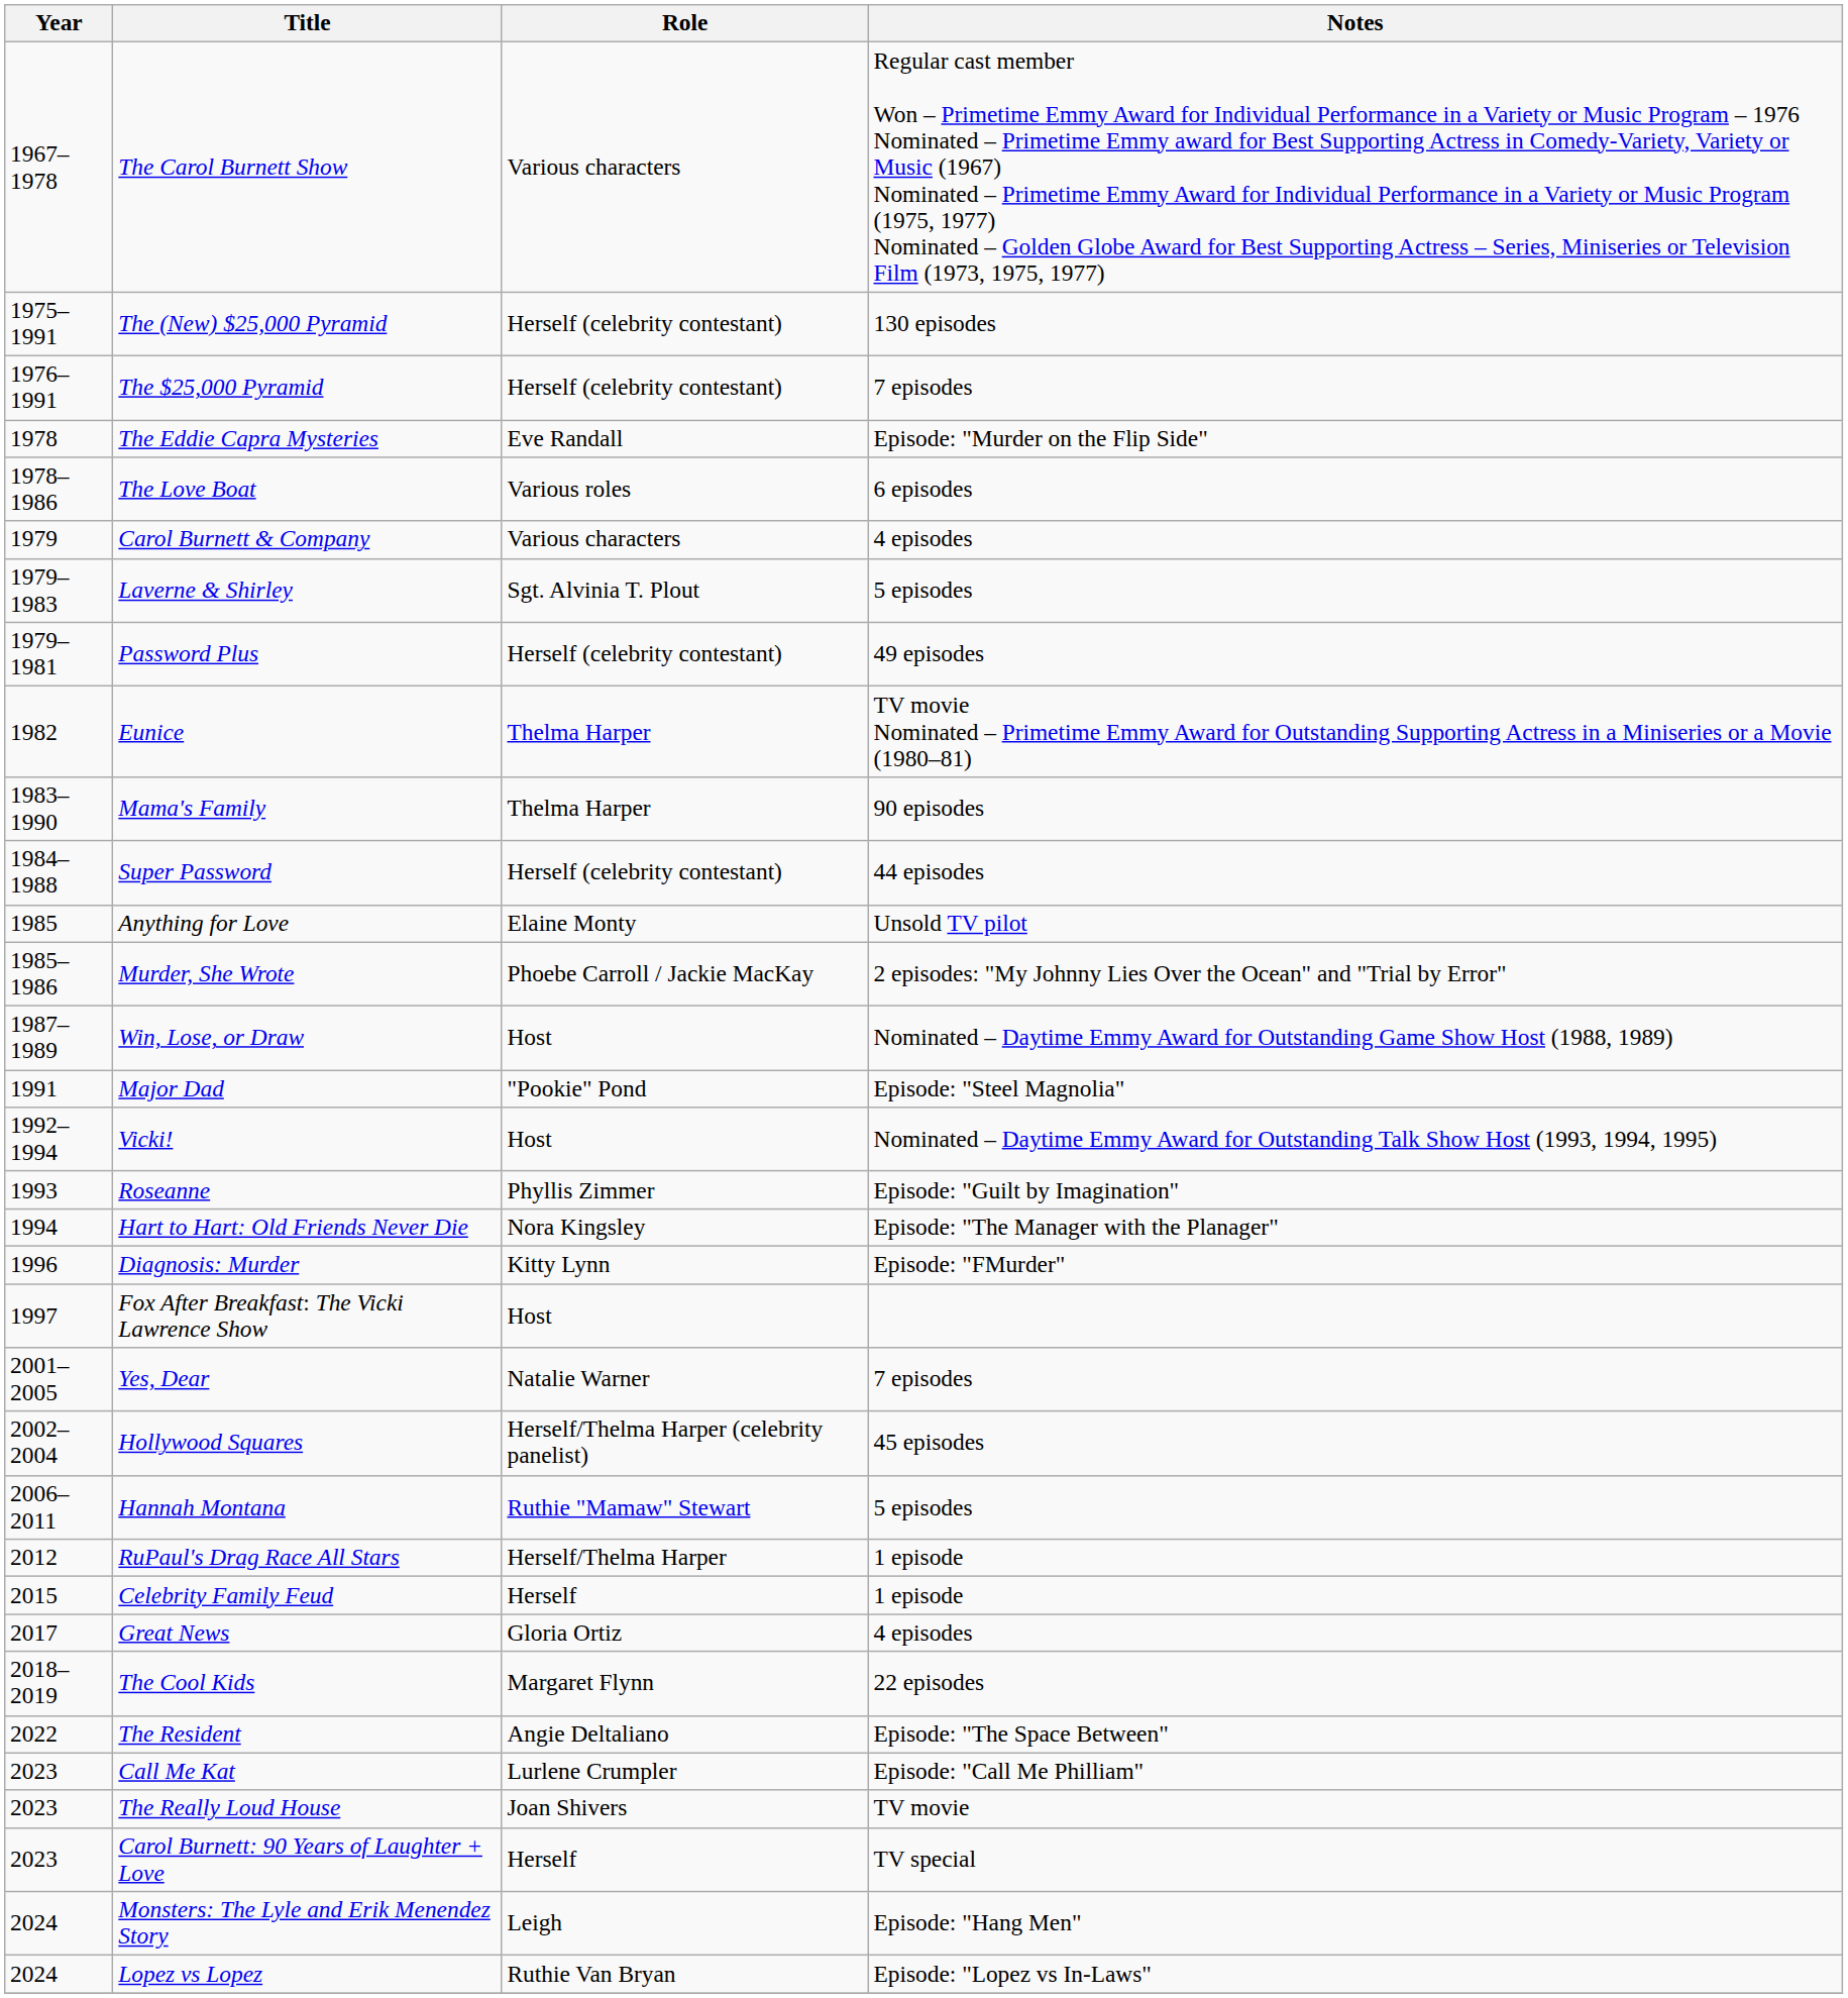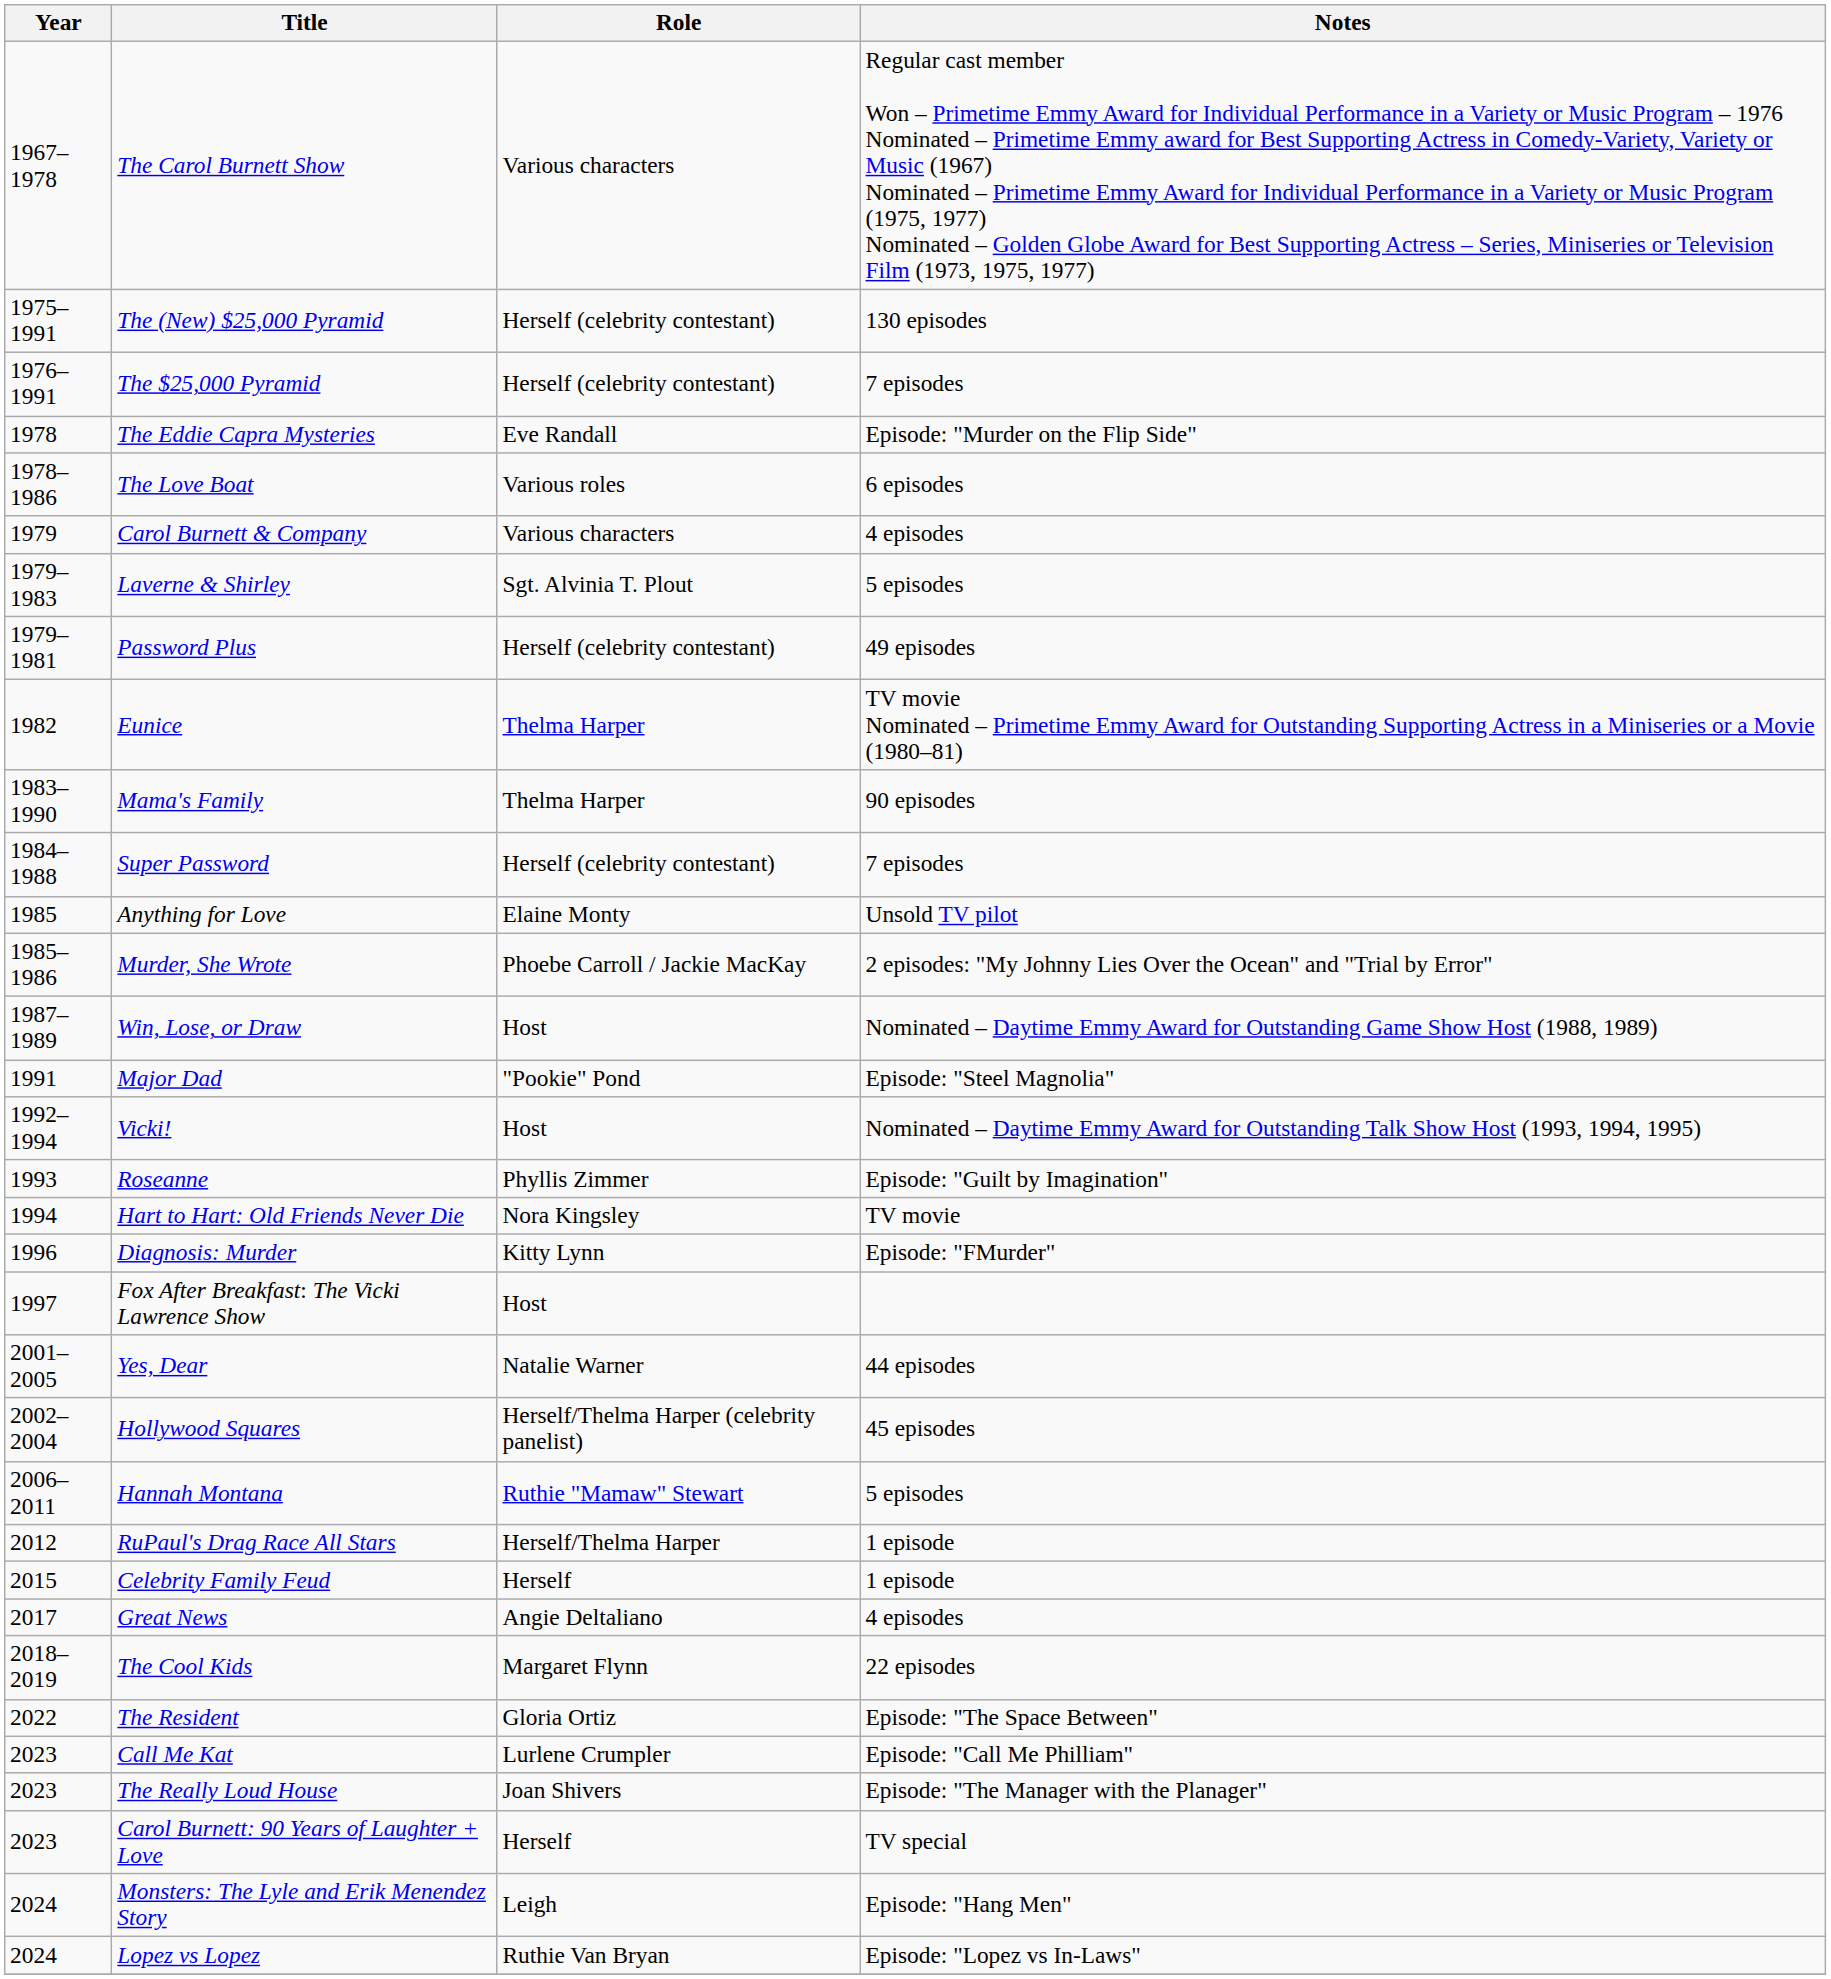 <table class="wikitable sortable">
 <tr>
 <th>Year</th>
 <th>Title</th>
 <th>Role</th>
 <th class="unsortable">Notes</th>
 </tr>
 <tr>
 <td>1967–1978</td>
 <td><em><a href='#'>The Carol Burnett Show</a></em></td>
 <td>Various characters</td>
 <td>Regular cast member<br><br>Won – <a href='#'>Primetime Emmy Award for Individual Performance in a Variety or Music Program</a> – 1976<br> Nominated – <a href='#'>Primetime Emmy award for Best Supporting Actress in Comedy-Variety, Variety or Music</a> (1967)<br> Nominated – <a href='#'>Primetime Emmy Award for Individual Performance in a Variety or Music Program</a> (1975, 1977)<br> Nominated – <a href='#'>Golden Globe Award for Best Supporting Actress – Series, Miniseries or Television Film</a> (1973, 1975, 1977)</td>
 </tr>
 <tr>
 <td>1975–1991</td>
 <td><em><a href='#'>The (New) $25,000 Pyramid</a></em></td>
 <td>Herself (celebrity contestant)</td>
 <td>130 episodes</td>
 </tr>
 <tr>
 <td>1976–1991</td>
 <td><em><a href='#'>The $25,000 Pyramid</a></em></td>
 <td>Herself (celebrity contestant)</td>
 <td>7 episodes</td>
 </tr>
 <tr>
 <td>1978</td>
 <td><em><a href='#'>The Eddie Capra Mysteries</a></em></td>
 <td>Eve Randall</td>
 <td>Episode: "Murder on the Flip Side"</td>
 </tr>
 <tr>
 <td>1978–1986</td>
 <td><em><a href='#'>The Love Boat</a></em></td>
 <td>Various roles</td>
 <td>6 episodes</td>
 </tr>
 <tr>
 <td>1979</td>
 <td><em><a href='#'>Carol Burnett & Company</a></em></td>
 <td>Various characters</td>
 <td>4 episodes</td>
 </tr>
 <tr>
 <td>1979–1983</td>
 <td><em><a href='#'>Laverne & Shirley</a></em></td>
 <td>Sgt. Alvinia T. Plout</td>
 <td>5 episodes</td>
 </tr>
 <tr>
 <td>1979–1981</td>
 <td><em><a href='#'>Password Plus</a></em></td>
 <td>Herself (celebrity contestant)</td>
 <td>49 episodes</td>
 </tr>
 <tr>
 <td>1982</td>
 <td><em><a href='#'>Eunice</a></em></td>
 <td><a href='#'>Thelma Harper</a></td>
 <td>TV movie <br>Nominated – <a href='#'>Primetime Emmy Award for Outstanding Supporting Actress in a Miniseries or a Movie</a> (1980–81)</td>
 </tr>
 <tr>
 <td>1983–1990</td>
 <td><em><a href='#'>Mama's Family</a></em></td>
 <td>Thelma Harper</td>
 <td>90 episodes</td>
 </tr>
 <tr>
 <td>1984–1988</td>
 <td><em><a href='#'>Super Password</a></em></td>
 <td>Herself (celebrity contestant)</td>
-<td>44 episodes</td>
+<td>7 episodes</td>
 </tr>
 <tr>
 <td>1985</td>
 <td><em>Anything for Love</em></td>
 <td>Elaine Monty</td>
 <td>Unsold <a href='#'>TV pilot</a></td>
 </tr>
 <tr>
 <td>1985–1986</td>
 <td><em><a href='#'>Murder, She Wrote</a></em></td>
 <td>Phoebe Carroll / Jackie MacKay</td>
 <td>2 episodes: "My Johnny Lies Over the Ocean" and "Trial by Error"</td>
 </tr>
 <tr>
 <td>1987–1989</td>
 <td><em><a href='#'>Win, Lose, or Draw</a></em></td>
 <td>Host</td>
 <td>Nominated – <a href='#'>Daytime Emmy Award for Outstanding Game Show Host</a> (1988, 1989)</td>
 </tr>
 <tr>
 <td>1991</td>
 <td><em><a href='#'>Major Dad</a></em></td>
 <td>"Pookie" Pond</td>
 <td>Episode: "Steel Magnolia"</td>
 </tr>
 <tr>
 <td>1992–1994</td>
 <td><em><a href='#'>Vicki!</a></em></td>
 <td>Host</td>
 <td>Nominated – <a href='#'>Daytime Emmy Award for Outstanding Talk Show Host</a> (1993, 1994, 1995)</td>
 </tr>
 <tr>
 <td>1993</td>
 <td><em><a href='#'>Roseanne</a></em></td>
 <td>Phyllis Zimmer</td>
 <td>Episode: "Guilt by Imagination"</td>
 </tr>
 <tr>
 <td>1994</td>
 <td><em><a href='#'>Hart to Hart: Old Friends Never Die</a></em></td>
 <td>Nora Kingsley</td>
-<td>Episode: "The Manager with the Planager"</td>
+<td>TV movie</td>
 </tr>
 <tr>
 <td>1996</td>
 <td><em><a href='#'>Diagnosis: Murder</a></em></td>
 <td>Kitty Lynn</td>
 <td>Episode: "FMurder"</td>
 </tr>
 <tr>
 <td>1997</td>
 <td><em>Fox After Breakfast</em>:  <em> The Vicki Lawrence Show</em></td>
 <td>Host</td>
 <td></td>
 </tr>
 <tr>
 <td>2001–2005</td>
 <td><em><a href='#'>Yes, Dear</a></em></td>
 <td>Natalie Warner</td>
-<td>7 episodes</td>
+<td>44 episodes</td>
 </tr>
 <tr>
 <td>2002–2004</td>
 <td><em><a href='#'>Hollywood Squares</a></em></td>
 <td>Herself/Thelma Harper (celebrity panelist)</td>
 <td>45 episodes</td>
 </tr>
 <tr>
 <td>2006–2011</td>
 <td><em><a href='#'>Hannah Montana</a></em></td>
 <td><a href='#'>Ruthie "Mamaw" Stewart</a></td>
 <td>5 episodes</td>
 </tr>
 <tr>
 <td>2012</td>
 <td><em><a href='#'>RuPaul's Drag Race All Stars</a></em></td>
 <td>Herself/Thelma Harper</td>
 <td>1 episode</td>
 </tr>
 <tr>
 <td>2015</td>
 <td><em><a href='#'>Celebrity Family Feud</a></em></td>
 <td>Herself</td>
 <td>1 episode</td>
 </tr>
 <tr>
 <td>2017</td>
 <td><em><a href='#'>Great News</a></em></td>
-<td>Gloria Ortiz</td>
+<td>Angie Deltaliano</td>
 <td>4 episodes</td>
 </tr>
 <tr>
 <td>2018–2019</td>
 <td><em><a href='#'>The Cool Kids</a></em></td>
 <td>Margaret Flynn</td>
 <td>22 episodes</td>
 </tr>
 <tr>
 <td>2022</td>
 <td><em><a href='#'>The Resident</a></em></td>
-<td>Angie Deltaliano</td>
+<td>Gloria Ortiz</td>
 <td>Episode: "The Space Between"</td>
 </tr>
 <tr>
 <td>2023</td>
 <td><em><a href='#'>Call Me Kat</a></em></td>
 <td>Lurlene Crumpler</td>
 <td>Episode: "Call Me Philliam"</td>
 </tr>
 <tr>
 <td>2023</td>
 <td><em><a href='#'>The Really Loud House</a></em></td>
 <td>Joan Shivers</td>
-<td>TV movie</td>
+<td>Episode: "The Manager with the Planager"</td>
 </tr>
 <tr>
 <td>2023</td>
 <td><em><a href='#'>Carol Burnett: 90 Years of Laughter + Love</a></em></td>
 <td>Herself</td>
 <td>TV special</td>
 </tr>
 <tr>
 <td>2024</td>
 <td><em><a href='#'>Monsters: The Lyle and Erik Menendez Story</a></em></td>
 <td>Leigh</td>
 <td>Episode: "Hang Men"</td>
 </tr>
 <tr>
 <td>2024</td>
 <td><em><a href='#'>Lopez vs Lopez</a></em></td>
 <td>Ruthie Van Bryan</td>
 <td>Episode: "Lopez vs In-Laws"</td>
 </tr>
 <tr>
 </tr>
 </table>
